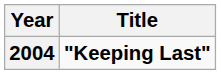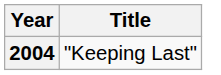 <table class="wikitable plainrowheaders">
 <tr>
 <th scope="col">Year</th>
 <th scope="col">Title</th>
 </tr>
 <tr>
 <th scope="row">2004</th>
-<td><strong>"Keeping Last"</strong></td>
+<td>"Keeping Last"</td>
 </tr>
 </table>
